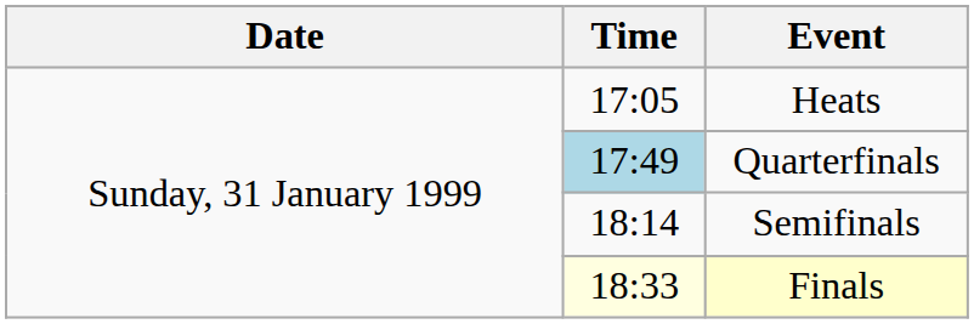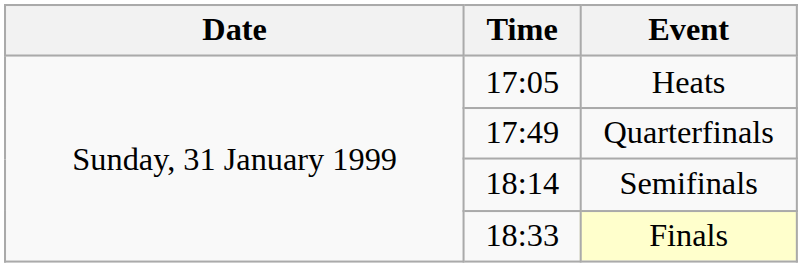 <table class = "wikitable" style="text-align:center;">
 <tr>
 <th width=220>Date</th>
 <th width=50>Time</th>
 <th width=100>Event</th>
 </tr>
 <tr>
 <td rowspan=4>Sunday, 31 January 1999</td>
 <td>17:05</td>
 <td>Heats</td>
 </tr>
 <tr>
-<td style="background: lightblue;">17:49</td>
+<td>17:49</td>
 <td>Quarterfinals</td>
 </tr>
 <tr>
 <td>18:14</td>
 <td>Semifinals</td>
 </tr>
 <tr>
-<td style="background: lightyellow;">18:33</td>
+<td>18:33</td>
 <td bgcolor=ffffcc>Finals</td>
 </tr>
 </table>
